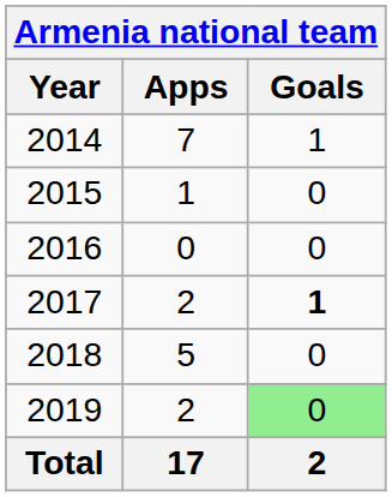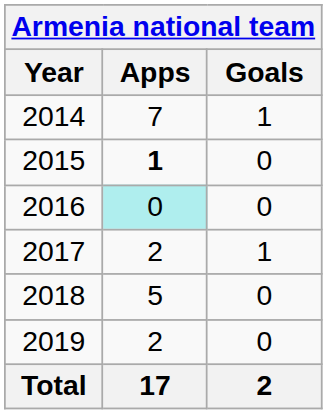 <table class="wikitable" style="text-align:center">
 <tr>
 <th colspan=3><a href='#'>Armenia national team</a></th>
 </tr>
 <tr>
 <th>Year</th>
 <th>Apps</th>
 <th>Goals</th>
 </tr>
 <tr>
 <td>2014</td>
 <td>7</td>
 <td>1</td>
 </tr>
 <tr>
 <td>2015</td>
-<td>1</td>
+<td><strong>1</strong></td>
 <td>0</td>
 </tr>
 <tr>
 <td>2016</td>
-<td>0</td>
+<td style="background: paleturquoise;">0</td>
 <td>0</td>
 </tr>
 <tr>
 <td>2017</td>
 <td>2</td>
-<td><strong>1</strong></td>
+<td>1</td>
 </tr>
 <tr>
 <td>2018</td>
 <td>5</td>
 <td>0</td>
 </tr>
 <tr>
 <td>2019</td>
 <td>2</td>
-<td style="background: lightgreen;">0</td>
+<td>0</td>
 </tr>
 <tr>
 <th>Total</th>
 <th>17</th>
 <th>2</th>
 </tr>
 </table>
